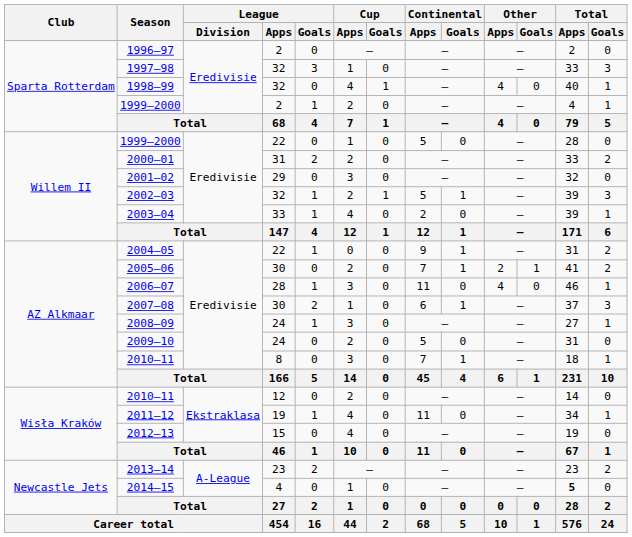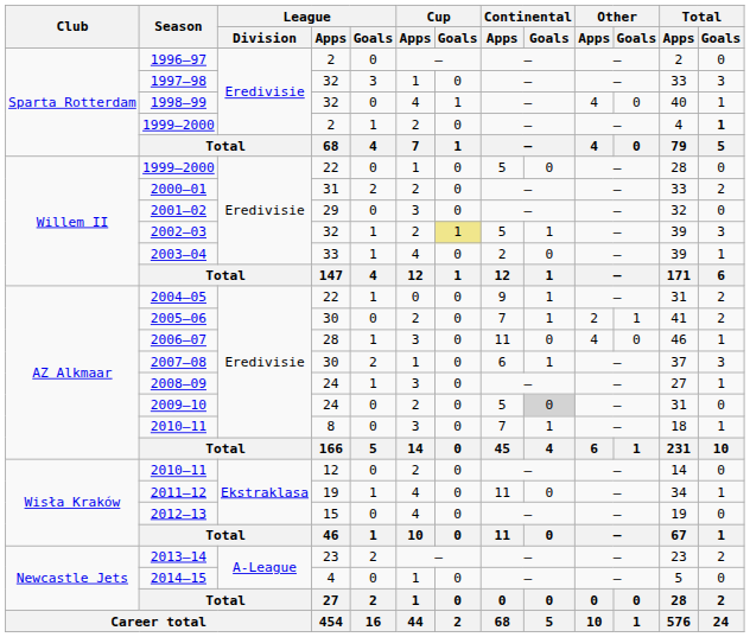 <table class="wikitable" style="text-align:center">
 <tr>
 <th rowspan="2">Club</th>
 <th rowspan="2">Season</th>
 <th colspan="3">League</th>
 <th colspan="2">Cup</th>
 <th colspan="2">Continental</th>
 <th colspan="2">Other</th>
 <th colspan="2">Total</th>
 </tr>
 <tr>
 <th>Division</th>
 <th>Apps</th>
 <th>Goals</th>
 <th>Apps</th>
 <th>Goals</th>
 <th>Apps</th>
 <th>Goals</th>
 <th>Apps</th>
 <th>Goals</th>
 <th>Apps</th>
 <th>Goals</th>
 </tr>
 <tr>
 <td rowspan="5"><a href='#'>Sparta Rotterdam</a></td>
 <td><a href='#'>1996–97</a></td>
 <td rowspan="4"><a href='#'>Eredivisie</a></td>
 <td>2</td>
 <td>0</td>
 <td colspan="2">–</td>
 <td colspan="2">–</td>
 <td colspan="2">–</td>
 <td>2</td>
 <td>0</td>
 </tr>
 <tr>
 <td><a href='#'>1997–98</a></td>
 <td>32</td>
 <td>3</td>
 <td>1</td>
 <td>0</td>
 <td colspan="2">–</td>
 <td colspan="2">–</td>
 <td>33</td>
 <td>3</td>
 </tr>
 <tr>
 <td><a href='#'>1998–99</a></td>
 <td>32</td>
 <td>0</td>
 <td>4</td>
 <td>1</td>
 <td colspan="2">–</td>
 <td>4</td>
 <td>0</td>
 <td>40</td>
 <td>1</td>
 </tr>
 <tr>
 <td><a href='#'>1999–2000</a></td>
 <td>2</td>
 <td>1</td>
 <td>2</td>
 <td>0</td>
 <td colspan="2">–</td>
 <td colspan="2">–</td>
 <td>4</td>
-<td>1</td>
+<td><strong>1</strong></td>
 </tr>
 <tr>
 <th colspan="2">Total</th>
 <th>68</th>
 <th>4</th>
 <th>7</th>
 <th>1</th>
 <th colspan="2">–</th>
 <th>4</th>
 <th>0</th>
 <th>79</th>
 <th>5</th>
 </tr>
 <tr>
 <td rowspan="6"><a href='#'>Willem II</a></td>
 <td><a href='#'>1999–2000</a></td>
 <td rowspan="5">Eredivisie</td>
 <td>22</td>
 <td>0</td>
 <td>1</td>
 <td>0</td>
 <td>5</td>
 <td>0</td>
 <td colspan="2">–</td>
 <td>28</td>
 <td>0</td>
 </tr>
 <tr>
 <td><a href='#'>2000–01</a></td>
 <td>31</td>
 <td>2</td>
 <td>2</td>
 <td>0</td>
 <td colspan="2">–</td>
 <td colspan="2">–</td>
 <td>33</td>
 <td>2</td>
 </tr>
 <tr>
 <td><a href='#'>2001–02</a></td>
 <td>29</td>
 <td>0</td>
 <td>3</td>
 <td>0</td>
 <td colspan="2">–</td>
 <td colspan="2">–</td>
 <td>32</td>
 <td>0</td>
 </tr>
 <tr>
 <td><a href='#'>2002–03</a></td>
 <td>32</td>
 <td>1</td>
 <td>2</td>
-<td>1</td>
+<td style="background: khaki;">1</td>
 <td>5</td>
 <td>1</td>
 <td colspan="2">–</td>
 <td>39</td>
 <td>3</td>
 </tr>
 <tr>
 <td><a href='#'>2003–04</a></td>
 <td>33</td>
 <td>1</td>
 <td>4</td>
 <td>0</td>
 <td>2</td>
 <td>0</td>
 <td colspan="2">–</td>
 <td>39</td>
 <td>1</td>
 </tr>
 <tr>
 <th colspan="2">Total</th>
 <th>147</th>
 <th>4</th>
 <th>12</th>
 <th>1</th>
 <th>12</th>
 <th>1</th>
 <th colspan="2">–</th>
 <th>171</th>
 <th>6</th>
 </tr>
 <tr>
 <td rowspan="8"><a href='#'>AZ Alkmaar</a></td>
 <td><a href='#'>2004–05</a></td>
 <td rowspan="7">Eredivisie</td>
 <td>22</td>
 <td>1</td>
 <td>0</td>
 <td>0</td>
 <td>9</td>
 <td>1</td>
 <td colspan="2">–</td>
 <td>31</td>
 <td>2</td>
 </tr>
 <tr>
 <td><a href='#'>2005–06</a></td>
 <td>30</td>
 <td>0</td>
 <td>2</td>
 <td>0</td>
 <td>7</td>
 <td>1</td>
 <td>2</td>
 <td>1</td>
 <td>41</td>
 <td>2</td>
 </tr>
 <tr>
 <td><a href='#'>2006–07</a></td>
 <td>28</td>
 <td>1</td>
 <td>3</td>
 <td>0</td>
 <td>11</td>
 <td>0</td>
 <td>4</td>
 <td>0</td>
 <td>46</td>
 <td>1</td>
 </tr>
 <tr>
 <td><a href='#'>2007–08</a></td>
 <td>30</td>
 <td>2</td>
 <td>1</td>
 <td>0</td>
 <td>6</td>
 <td>1</td>
 <td colspan="2">–</td>
 <td>37</td>
 <td>3</td>
 </tr>
 <tr>
 <td><a href='#'>2008–09</a></td>
 <td>24</td>
 <td>1</td>
 <td>3</td>
 <td>0</td>
 <td colspan="2">–</td>
 <td colspan="2">–</td>
 <td>27</td>
 <td>1</td>
 </tr>
 <tr>
 <td><a href='#'>2009–10</a></td>
 <td>24</td>
 <td>0</td>
 <td>2</td>
 <td>0</td>
 <td>5</td>
-<td>0</td>
+<td style="background: lightgrey;">0</td>
 <td colspan="2">–</td>
 <td>31</td>
 <td>0</td>
 </tr>
 <tr>
 <td><a href='#'>2010–11</a></td>
 <td>8</td>
 <td>0</td>
 <td>3</td>
 <td>0</td>
 <td>7</td>
 <td>1</td>
 <td colspan="2">–</td>
 <td>18</td>
 <td>1</td>
 </tr>
 <tr>
 <th colspan="2">Total</th>
 <th>166</th>
 <th>5</th>
 <th>14</th>
 <th>0</th>
 <th>45</th>
 <th>4</th>
 <th>6</th>
 <th>1</th>
 <th>231</th>
 <th>10</th>
 </tr>
 <tr>
 <td rowspan="4"><a href='#'>Wisła Kraków</a></td>
 <td><a href='#'>2010–11</a></td>
 <td rowspan="3"><a href='#'>Ekstraklasa</a></td>
 <td>12</td>
 <td>0</td>
 <td>2</td>
 <td>0</td>
 <td colspan="2">–</td>
 <td colspan="2">–</td>
 <td>14</td>
 <td>0</td>
 </tr>
 <tr>
 <td><a href='#'>2011–12</a></td>
 <td>19</td>
 <td>1</td>
 <td>4</td>
 <td>0</td>
 <td>11</td>
 <td>0</td>
 <td colspan="2">–</td>
 <td>34</td>
 <td>1</td>
 </tr>
 <tr>
 <td><a href='#'>2012–13</a></td>
 <td>15</td>
 <td>0</td>
 <td>4</td>
 <td>0</td>
 <td colspan="2">–</td>
 <td colspan="2">–</td>
 <td>19</td>
 <td>0</td>
 </tr>
 <tr>
 <th colspan="2">Total</th>
 <th>46</th>
 <th>1</th>
 <th>10</th>
 <th>0</th>
 <th>11</th>
 <th>0</th>
 <th colspan="2">–</th>
 <th>67</th>
 <th>1</th>
 </tr>
 <tr>
 <td rowspan="3"><a href='#'>Newcastle Jets</a></td>
 <td><a href='#'>2013–14</a></td>
 <td rowspan="2"><a href='#'>A-League</a></td>
 <td>23</td>
 <td>2</td>
 <td colspan="2">–</td>
 <td colspan="2">–</td>
 <td colspan="2">–</td>
 <td>23</td>
 <td>2</td>
 </tr>
 <tr>
 <td><a href='#'>2014–15</a></td>
 <td>4</td>
 <td>0</td>
 <td>1</td>
 <td>0</td>
 <td colspan="2">–</td>
 <td colspan="2">–</td>
-<td><strong>5</strong></td>
+<td>5</td>
 <td>0</td>
 </tr>
 <tr>
 <th colspan="2">Total</th>
 <th>27</th>
 <th>2</th>
 <th>1</th>
 <th>0</th>
 <th>0</th>
 <th>0</th>
 <th>0</th>
 <th>0</th>
 <th>28</th>
 <th>2</th>
 </tr>
 <tr>
 <th colspan="3">Career total</th>
 <th>454</th>
 <th>16</th>
 <th>44</th>
 <th>2</th>
 <th>68</th>
 <th>5</th>
 <th>10</th>
 <th>1</th>
 <th>576</th>
 <th>24</th>
 </tr>
 </table>
